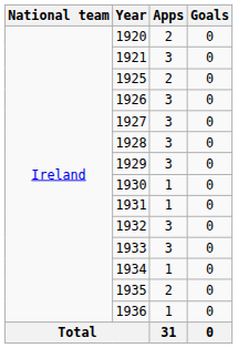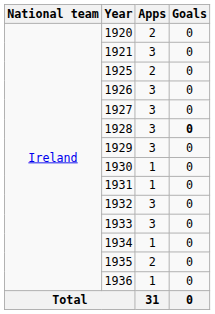 <table class="wikitable" style="text-align:center">
 <tr>
 <th>National team</th>
 <th>Year</th>
 <th>Apps</th>
 <th>Goals</th>
 </tr>
 <tr>
 <td rowspan="14"><a href='#'>Ireland</a></td>
 <td>1920</td>
 <td>2</td>
 <td>0</td>
 </tr>
 <tr>
 <td>1921</td>
 <td>3</td>
 <td>0</td>
 </tr>
 <tr>
 <td>1925</td>
 <td>2</td>
 <td>0</td>
 </tr>
 <tr>
 <td>1926</td>
 <td>3</td>
 <td>0</td>
 </tr>
 <tr>
 <td>1927</td>
 <td>3</td>
 <td>0</td>
 </tr>
 <tr>
 <td>1928</td>
 <td>3</td>
-<td>0</td>
+<td><strong>0</strong></td>
 </tr>
 <tr>
 <td>1929</td>
 <td>3</td>
 <td>0</td>
 </tr>
 <tr>
 <td>1930</td>
 <td>1</td>
 <td>0</td>
 </tr>
 <tr>
 <td>1931</td>
 <td>1</td>
 <td>0</td>
 </tr>
 <tr>
 <td>1932</td>
 <td>3</td>
 <td>0</td>
 </tr>
 <tr>
 <td>1933</td>
 <td>3</td>
 <td>0</td>
 </tr>
 <tr>
 <td>1934</td>
 <td>1</td>
 <td>0</td>
 </tr>
 <tr>
 <td>1935</td>
 <td>2</td>
 <td>0</td>
 </tr>
 <tr>
 <td>1936</td>
 <td>1</td>
 <td>0</td>
 </tr>
 <tr>
 <th colspan="2">Total</th>
 <th>31</th>
 <th>0</th>
 </tr>
 </table>
